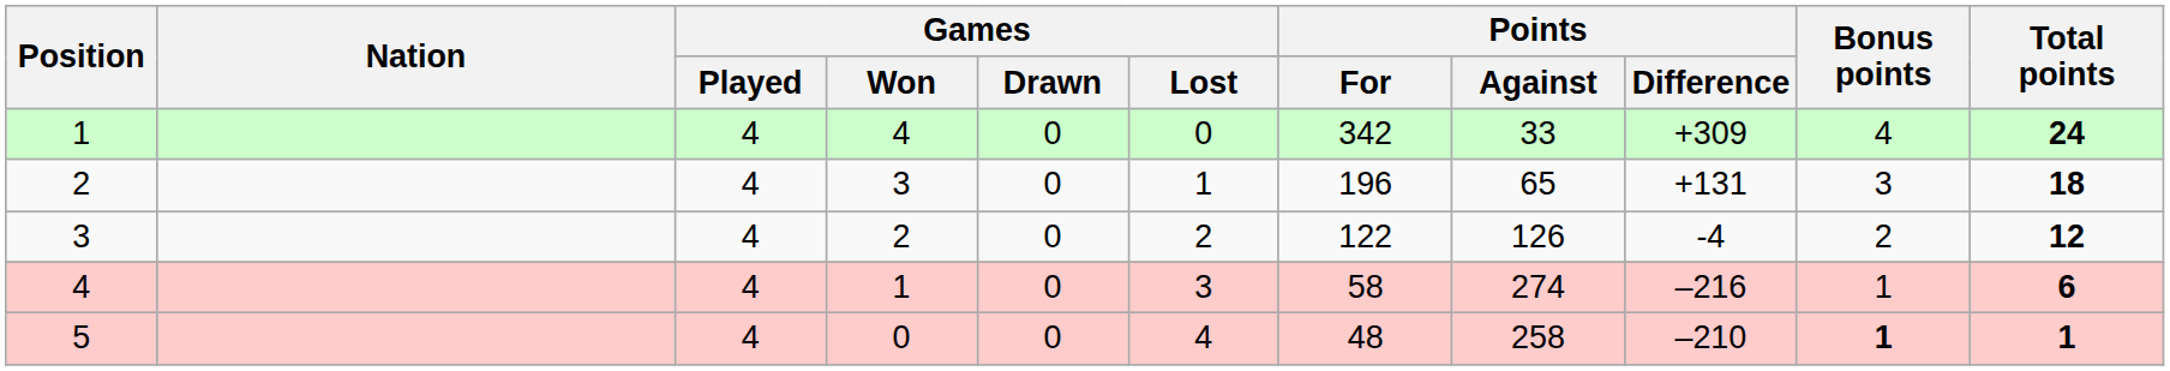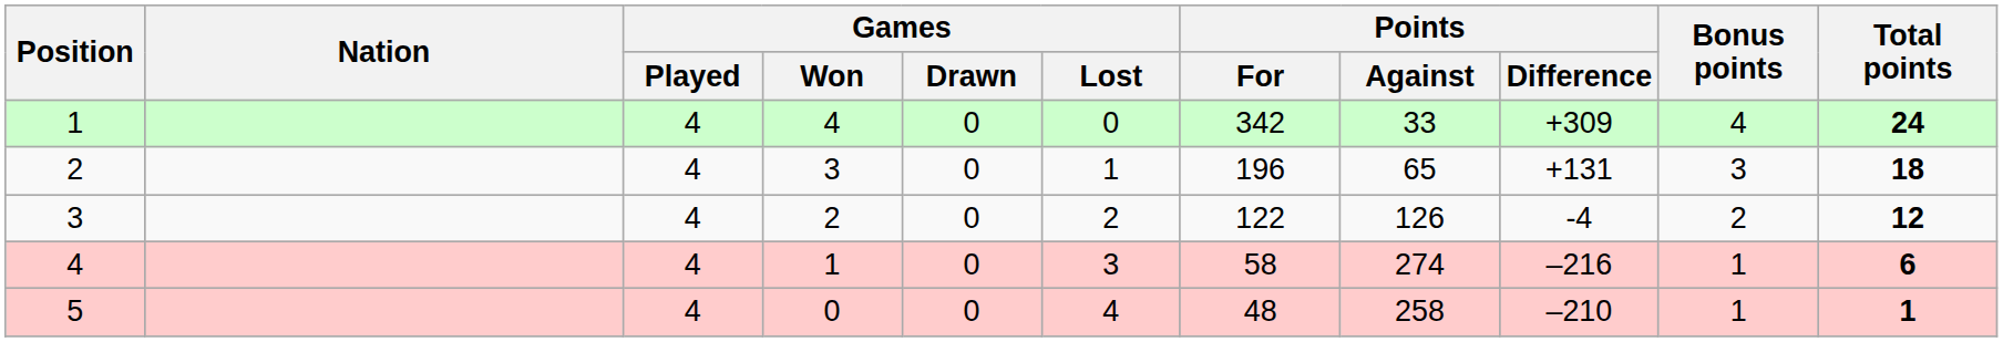 <table class="wikitable" style="text-align:center">
 <tr>
 <th rowspan="2" style="width:7%;">Position</th>
 <th rowspan="2" style="width:24%;">Nation</th>
 <th colspan="4" style="width:30%;">Games</th>
 <th colspan="3" style="width:32%;">Points</th>
 <th rowspan="2" style="width:8%;">Bonus<br>points</th>
 <th rowspan="2" style="width:10%;">Total<br>points</th>
 </tr>
 <tr>
 <th style="width:7%;">Played</th>
 <th style="width:7%;">Won</th>
 <th style="width:7%;">Drawn</th>
 <th style="width:7%;">Lost</th>
 <th style="width:8%;">For</th>
 <th style="width:8%;">Against</th>
 <th style="width:8%;">Difference</th>
 </tr>
 <tr bgcolor="#ccffcc">
 <td>1</td>
 <td align="left"></td>
 <td>4</td>
 <td>4</td>
 <td>0</td>
 <td>0</td>
 <td>342</td>
 <td>33</td>
 <td>+309</td>
 <td>4</td>
 <td><strong>24</strong></td>
 </tr>
 <tr>
 <td>2</td>
 <td align="left"></td>
 <td>4</td>
 <td>3</td>
 <td>0</td>
 <td>1</td>
 <td>196</td>
 <td>65</td>
 <td>+131</td>
 <td>3</td>
 <td><strong>18</strong></td>
 </tr>
 <tr>
 <td>3</td>
 <td align="left"></td>
 <td>4</td>
 <td>2</td>
 <td>0</td>
 <td>2</td>
 <td>122</td>
 <td>126</td>
 <td>-4</td>
 <td>2</td>
 <td><strong>12</strong></td>
 </tr>
 <tr bgcolor="#ffcccc">
 <td>4</td>
 <td align="left"></td>
 <td>4</td>
 <td>1</td>
 <td>0</td>
 <td>3</td>
 <td>58</td>
 <td>274</td>
 <td>–216</td>
 <td>1</td>
 <td><strong>6</strong></td>
 </tr>
 <tr bgcolor="#ffcccc">
 <td>5</td>
 <td align="left"></td>
 <td>4</td>
 <td>0</td>
 <td>0</td>
 <td>4</td>
 <td>48</td>
 <td>258</td>
 <td>–210</td>
-<td><strong>1</strong></td>
+<td>1</td>
 <td><strong>1</strong></td>
 </tr>
 </table>
